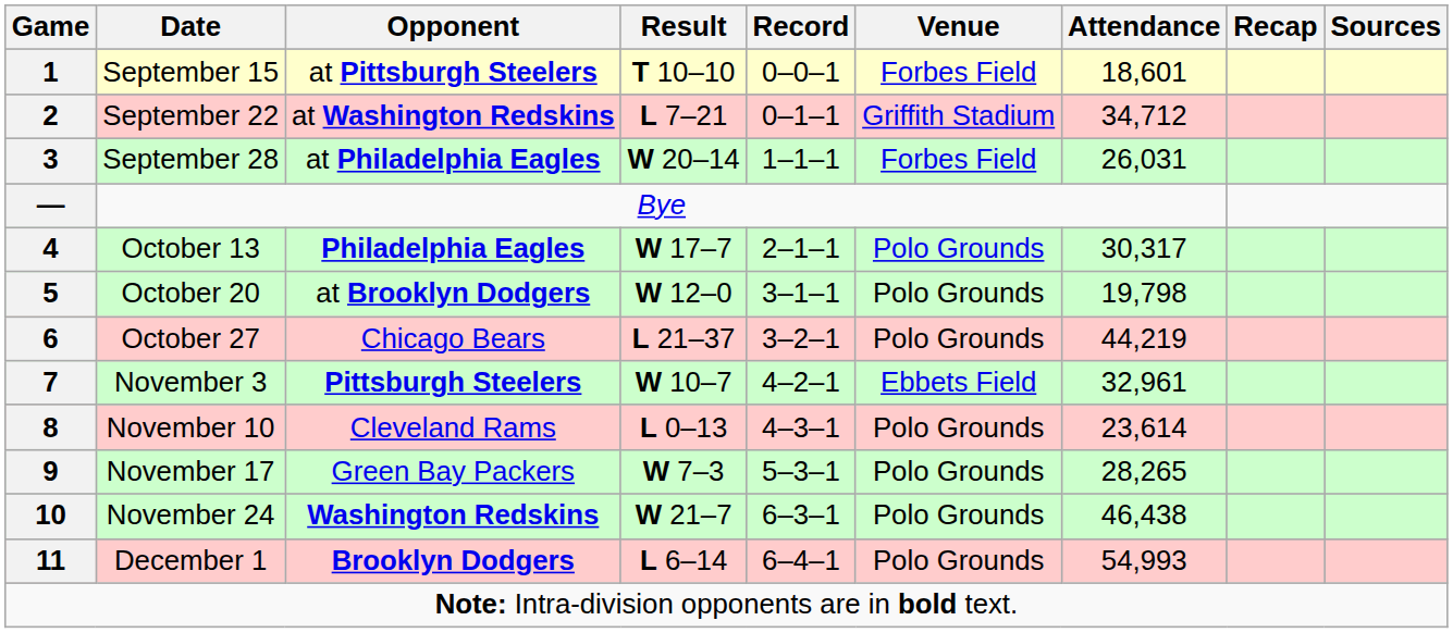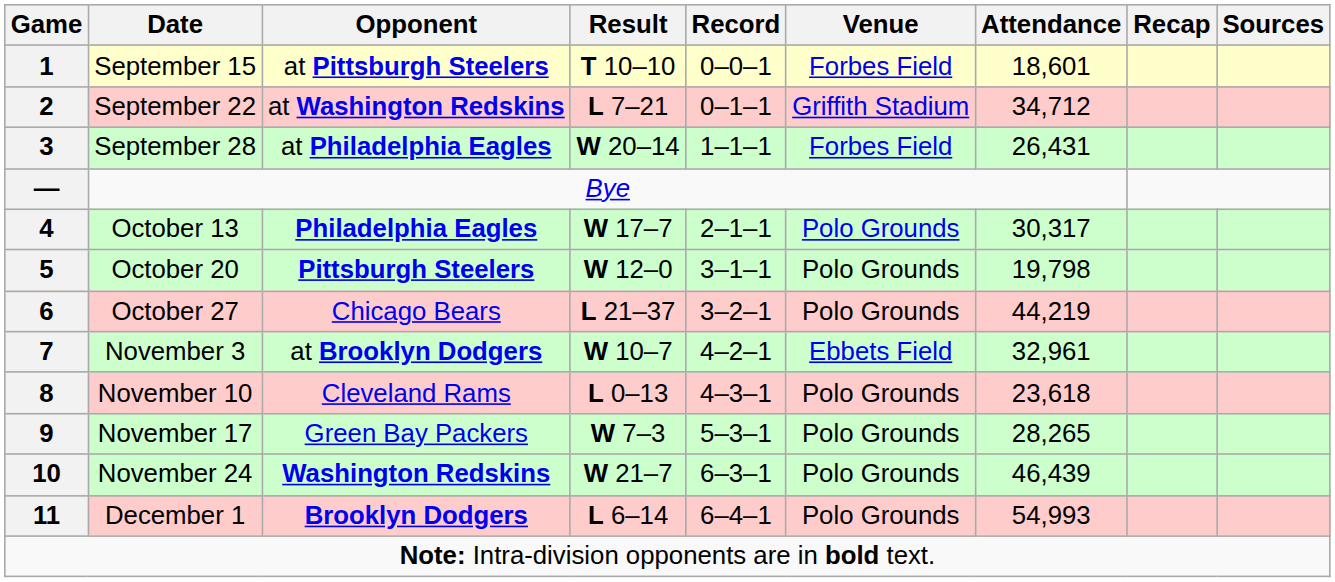 <table class="wikitable" style="text-align:center">
 <tr>
 <th>Game</th>
 <th>Date</th>
 <th>Opponent</th>
 <th>Result</th>
 <th>Record</th>
 <th>Venue</th>
 <th>Attendance</th>
 <th>Recap</th>
 <th>Sources</th>
 </tr>
 <tr style="background:#ffc">
 <th>1</th>
 <td>September 15</td>
 <td>at <strong><a href='#'>Pittsburgh Steelers</a></strong></td>
 <td><strong>T</strong> 10–10</td>
 <td>0–0–1</td>
 <td><a href='#'>Forbes Field</a></td>
 <td>18,601</td>
 <td></td>
 <td></td>
 </tr>
 <tr style="background:#fcc">
 <th>2</th>
 <td>September 22</td>
 <td>at <strong><a href='#'>Washington Redskins</a></strong></td>
 <td><strong>L</strong> 7–21</td>
 <td>0–1–1</td>
 <td><a href='#'>Griffith Stadium</a></td>
 <td>34,712</td>
 <td></td>
 <td></td>
 </tr>
 <tr style="background:#cfc">
 <th>3</th>
 <td>September 28</td>
 <td>at <strong><a href='#'>Philadelphia Eagles</a></strong></td>
 <td><strong>W</strong> 20–14</td>
 <td>1–1–1</td>
 <td><a href='#'>Forbes Field</a></td>
-<td>26,031</td>
+<td>26,431</td>
 <td></td>
 <td></td>
 </tr>
 <tr>
 <th>—</th>
 <td colspan="6"><em><a href='#'>Bye</a></em></td>
 </tr>
 <tr style="background:#cfc">
 <th>4</th>
 <td>October 13</td>
 <td><strong><a href='#'>Philadelphia Eagles</a></strong></td>
 <td><strong>W</strong> 17–7</td>
 <td>2–1–1</td>
 <td><a href='#'>Polo Grounds</a></td>
 <td>30,317</td>
 <td></td>
 <td></td>
 </tr>
 <tr style="background:#cfc">
 <th>5</th>
 <td>October 20</td>
-<td>at <strong><a href='#'>Brooklyn Dodgers</a></strong></td>
+<td><strong><a href='#'>Pittsburgh Steelers</a></strong></td>
 <td><strong>W</strong> 12–0</td>
 <td>3–1–1</td>
 <td>Polo Grounds</td>
 <td>19,798</td>
 <td></td>
 <td></td>
 </tr>
 <tr style="background:#fcc">
 <th>6</th>
 <td>October 27</td>
 <td><a href='#'>Chicago Bears</a></td>
 <td><strong>L</strong> 21–37</td>
 <td>3–2–1</td>
 <td>Polo Grounds</td>
 <td>44,219</td>
 <td></td>
 <td></td>
 </tr>
 <tr style="background:#cfc">
 <th>7</th>
 <td>November 3</td>
-<td><strong><a href='#'>Pittsburgh Steelers</a></strong></td>
+<td>at <strong><a href='#'>Brooklyn Dodgers</a></strong></td>
 <td><strong>W</strong> 10–7</td>
 <td>4–2–1</td>
 <td><a href='#'>Ebbets Field</a></td>
 <td>32,961</td>
 <td></td>
 <td></td>
 </tr>
 <tr style="background:#fcc">
 <th>8</th>
 <td>November 10</td>
 <td><a href='#'>Cleveland Rams</a></td>
 <td><strong>L</strong> 0–13</td>
 <td>4–3–1</td>
 <td>Polo Grounds</td>
-<td>23,614</td>
+<td>23,618</td>
 <td></td>
 <td></td>
 </tr>
 <tr style="background:#cfc">
 <th>9</th>
 <td>November 17</td>
 <td><a href='#'>Green Bay Packers</a></td>
 <td><strong>W</strong> 7–3</td>
 <td>5–3–1</td>
 <td>Polo Grounds</td>
 <td>28,265</td>
 <td></td>
 <td></td>
 </tr>
 <tr style="background:#cfc">
 <th>10</th>
 <td>November 24</td>
 <td><strong><a href='#'>Washington Redskins</a></strong></td>
 <td><strong>W</strong> 21–7</td>
 <td>6–3–1</td>
 <td>Polo Grounds</td>
-<td>46,438</td>
+<td>46,439</td>
 <td></td>
 <td></td>
 </tr>
 <tr style="background:#fcc">
 <th>11</th>
 <td>December 1</td>
 <td><strong><a href='#'>Brooklyn Dodgers</a></strong></td>
 <td><strong>L</strong> 6–14</td>
 <td>6–4–1</td>
 <td>Polo Grounds</td>
 <td>54,993</td>
 <td></td>
 <td></td>
 </tr>
 <tr>
 <td colspan="10"><strong>Note:</strong> Intra-division opponents are in <strong>bold</strong> text.</td>
 </tr>
 </table>
